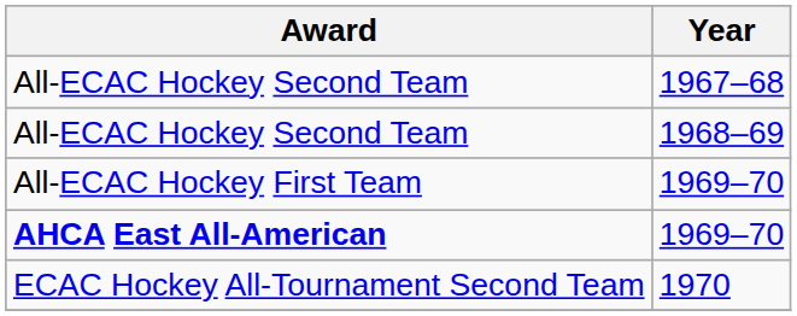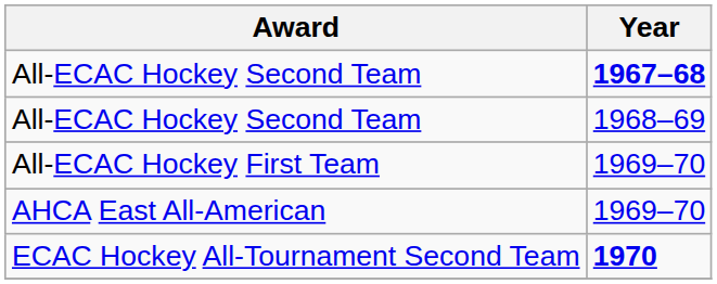 <table class="wikitable">
 <tr>
 <th>Award</th>
 <th>Year</th>
 </tr>
 <tr>
 <td>All-<a href='#'>ECAC Hockey</a> <a href='#'>Second Team</a></td>
-<td><a href='#'>1967–68</a></td>
+<td><strong><a href='#'>1967–68</a></strong></td>
 </tr>
 <tr>
 <td>All-<a href='#'>ECAC Hockey</a> <a href='#'>Second Team</a></td>
 <td><a href='#'>1968–69</a></td>
 </tr>
 <tr>
 <td>All-<a href='#'>ECAC Hockey</a> <a href='#'>First Team</a></td>
 <td><a href='#'>1969–70</a></td>
 </tr>
 <tr>
-<td><strong><a href='#'>AHCA</a> <a href='#'>East All-American</a></strong></td>
+<td><a href='#'>AHCA</a> <a href='#'>East All-American</a></td>
 <td><a href='#'>1969–70</a></td>
 </tr>
 <tr>
 <td><a href='#'>ECAC Hockey</a> <a href='#'>All-Tournament Second Team</a></td>
-<td><a href='#'>1970</a></td>
+<td><strong><a href='#'>1970</a></strong></td>
 </tr>
 <tr>
 </tr>
 </table>
